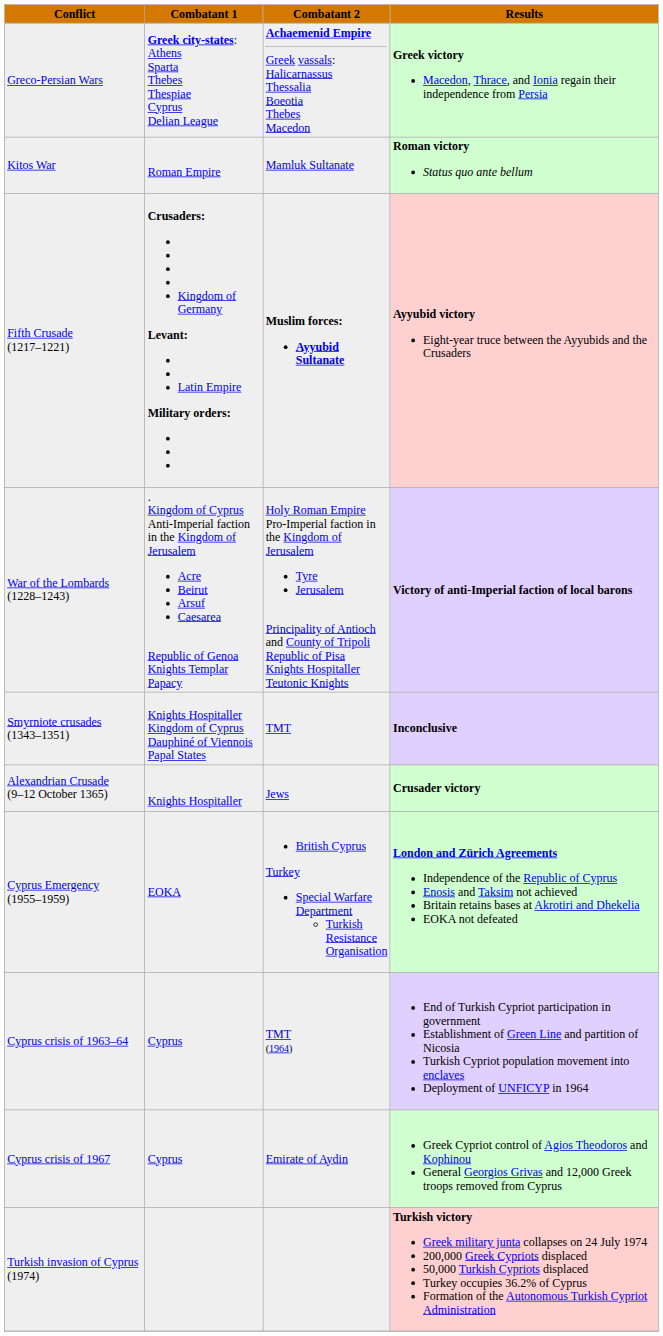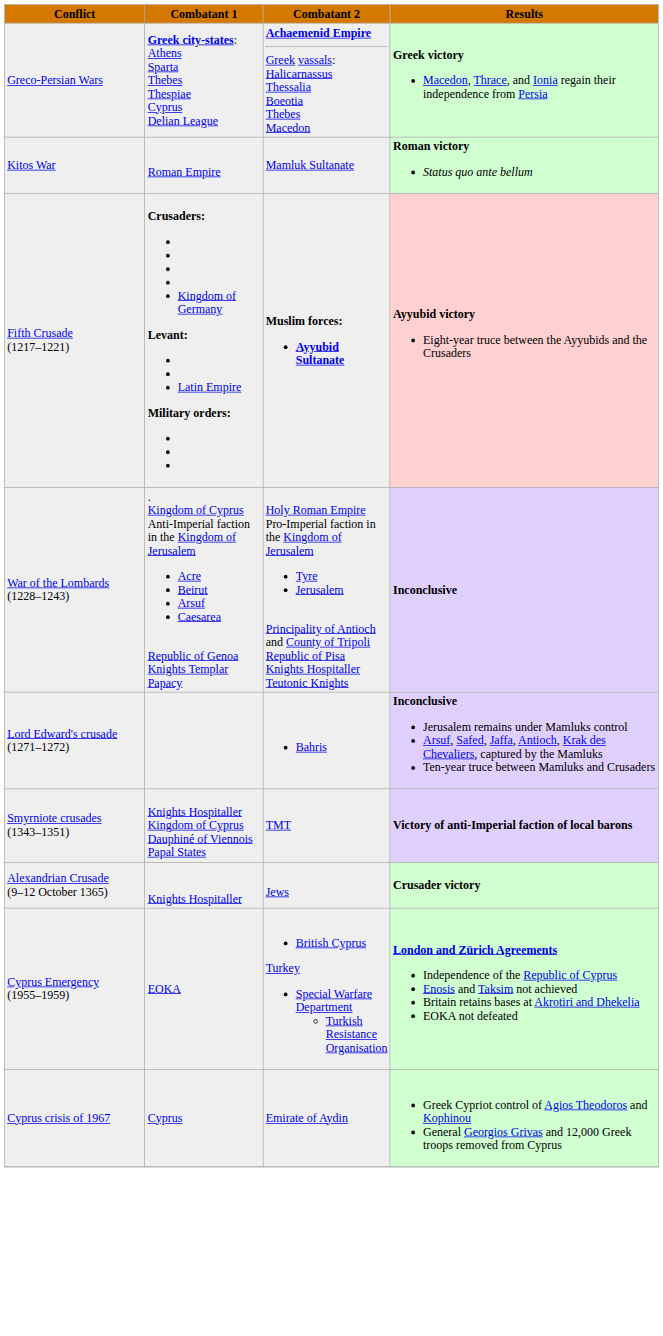 <table class="wikitable plainrowheaders">
 <tr>
 <th style="background:#d57800" rowspan="1" width=180><span>Conflict</span></th>
 <th style="background:#d57800" rowspan="1" width=150><span>Combatant 1</span></th>
 <th style="background:#d57800" rowspan="1" width=150><span>Combatant 2</span></th>
 <th style="background:#d57800" rowspan="1" width=350><span>Results</span></th>
 </tr>
 <tr>
 <td style="background:#efefef"><a href='#'>Greco-Persian Wars</a></td>
 <td style="background:#efefef"><strong><a href='#'>Greek city-states</a></strong>:<br> <a href='#'>Athens</a><br> <a href='#'>Sparta</a><br> <a href='#'>Thebes</a><br> <a href='#'>Thespiae</a><br> <a href='#'>Cyprus</a><br> <a href='#'>Delian League</a></td>
 <td style="background:#efefef"><strong><a href='#'>Achaemenid Empire</a></strong><hr><a href='#'>Greek</a> <a href='#'>vassals</a>:<br> <a href='#'>Halicarnassus</a><br> <a href='#'>Thessalia</a><br> <a href='#'>Boeotia</a><br> <a href='#'>Thebes</a><br> <a href='#'>Macedon</a></td>
 <td style="background:#D0FFD0"><strong>Greek victory</strong> <br><ul><li><a href='#'>Macedon</a>, <a href='#'>Thrace</a>, and <a href='#'>Ionia</a> regain their independence from <a href='#'>Persia</a></li></ul></td>
 </tr>
 <tr>
 <td style="background:#efefef"><a href='#'>Kitos War</a></td>
 <td style="background:#efefef"><br><a href='#'>Roman Empire</a></td>
 <td style="background:#efefef"> <a href='#'>Mamluk Sultanate</a></td>
 <td style="background:#D0FFD0"><strong>Roman victory</strong><br><ul><li><em>Status quo ante bellum</em></li></ul></td>
 </tr>
 <tr>
 <td style="background:#efefef"><a href='#'>Fifth Crusade</a><br>(1217–1221)</td>
 <td style="background:#efefef"><br><strong>Crusaders:</strong><ul><li><strong></strong></li><li></li><li></li><li></li><li> <a href='#'>Kingdom of Germany</a></li></ul><strong>Levant:</strong><ul><li></li><li></li><li> <a href='#'>Latin Empire</a></li></ul><strong>Military orders:</strong><ul><li></li><li></li><li></li></ul></td>
 <td style="background:#efefef"><br><strong>Muslim forces:</strong><ul><li> <strong><a href='#'>Ayyubid Sultanate</a></strong></li></ul></td>
 <td style="background:#FFD0D0"><strong>Ayyubid victory</strong><br><ul><li>Eight-year truce between the Ayyubids and the Crusaders</li></ul></td>
 </tr>
 <tr>
 <td style="background:#efefef"><a href='#'>War of the Lombards</a><br>(1228–1243)</td>
 <td style="background:#efefef">.<br><a href='#'>Kingdom of Cyprus</a><br>Anti-Imperial faction in the <a href='#'>Kingdom of Jerusalem</a><ul><li><a href='#'>Acre</a></li><li><a href='#'>Beirut</a></li><li><a href='#'>Arsuf</a></li><li><a href='#'>Caesarea</a></li></ul><br><a href='#'>Republic of Genoa</a><br><a href='#'>Knights Templar</a><br><a href='#'>Papacy</a></td>
 <td style="background:#efefef"><br><a href='#'>Holy Roman Empire</a><br>Pro-Imperial faction in the <a href='#'>Kingdom of Jerusalem</a><ul><li><a href='#'>Tyre</a></li><li><a href='#'>Jerusalem</a></li></ul><br><a href='#'>Principality of Antioch</a> and <a href='#'>County of Tripoli</a><br><a href='#'>Republic of Pisa</a><br><a href='#'>Knights Hospitaller</a><br><a href='#'>Teutonic Knights</a></td>
-<td style="background:#E0D0FF"><strong>Victory of anti-Imperial faction of local barons</strong></td>
+<td style="background:#E0D0FF"><strong>Inconclusive</strong></td>
+</tr>
+<tr>
+<td style="background:#efefef"><a href='#'>Lord Edward's crusade</a><br>(1271–1272)</td>
+<td style="background:#efefef"><br>  </td>
+<td style="background:#efefef"><br><ul><li> <a href='#'>Bahris</a></li></ul></td>
+<td style="background:#E0D0FF"><strong>Inconclusive</strong><br><ul><li>Jerusalem remains under Mamluks control</li><li><a href='#'>Arsuf</a>, <a href='#'>Safed</a>, <a href='#'>Jaffa</a>, <a href='#'>Antioch</a>, <a href='#'>Krak des Chevaliers</a>, captured by the Mamluks</li><li>Ten-year truce between Mamluks and Crusaders</li></ul></td>
 </tr>
 <tr>
 <td style="background:#efefef"><a href='#'>Smyrniote crusades</a><br>(1343–1351)</td>
 <td style="background:#efefef"><br> <a href='#'>Knights Hospitaller</a><br> <a href='#'>Kingdom of Cyprus</a><br> <a href='#'>Dauphiné of Viennois</a><br> <a href='#'>Papal States</a></td>
 <td style="background:#efefef"> <a href='#'>TMT</a><br></td>
-<td style="background:#E0D0FF"><strong>Inconclusive</strong></td>
+<td style="background:#E0D0FF"><strong>Victory of anti-Imperial faction of local barons</strong></td>
 </tr>
 <tr>
 <td style="background:#efefef"><a href='#'>Alexandrian Crusade</a><br>(9–12 October 1365)</td>
 <td style="background:#efefef"><br><br> <a href='#'>Knights Hospitaller</a></td>
 <td style="background:#efefef"><br><a href='#'>Jews</a></td>
 <td style="background:#D0FFD0"><strong>Crusader victory</strong></td>
 </tr>
 <tr>
 <td style="background:#efefef"><a href='#'>Cyprus Emergency</a><br>(1955–1959)</td>
 <td style="background:#efefef"> <a href='#'>EOKA</a></td>
 <td style="background:#efefef"><br><ul><li> <a href='#'>British Cyprus</a></li></ul> <a href='#'>Turkey</a><ul><li><a href='#'>Special Warfare Department</a><ul><li><a href='#'>Turkish Resistance Organisation</a></li></ul></li></ul></td>
 <td style="background:#D0FFD0"><strong><a href='#'>London and Zürich Agreements</a></strong><br><ul><li>Independence of the <a href='#'>Republic of Cyprus</a></li><li><a href='#'>Enosis</a> and <a href='#'>Taksim</a> not achieved</li><li>Britain retains bases at <a href='#'>Akrotiri and Dhekelia</a></li><li>EOKA not defeated</li></ul></td>
 </tr>
 <tr>
-<td style="background:#efefef"><a href='#'>Cyprus crisis of 1963–64</a></td>
-<td style="background:#efefef"> <a href='#'>Cyprus</a></td>
-<td style="background:#efefef"> <a href='#'>TMT</a><br> <small>(<a href='#'>1964</a>)</small></td>
-<td style="background:#E0D0FF"><br><ul><li>End of Turkish Cypriot participation in government</li><li>Establishment of <a href='#'>Green Line</a> and partition of Nicosia</li><li>Turkish Cypriot population movement into <a href='#'>enclaves</a></li><li>Deployment of <a href='#'>UNFICYP</a> in 1964</li></ul></td>
-</tr>
-<tr>
 <td style="background:#efefef"><a href='#'>Cyprus crisis of 1967</a></td>
 <td style="background:#efefef"> <a href='#'>Cyprus</a><br></td>
 <td style="background:#efefef"><a href='#'>Emirate of Aydin</a></td>
 <td style="background:#D0FFD0"><br><ul><li>Greek Cypriot control of <a href='#'>Agios Theodoros</a> and <a href='#'>Kophinou</a></li><li>General <a href='#'>Georgios Grivas</a> and 12,000 Greek troops removed from Cyprus</li></ul></td>
 </tr>
 <tr>
-<td style="background:#efefef"><a href='#'>Turkish invasion of Cyprus</a><br>(1974)</td>
-<td style="background:#efefef"></td>
-<td style="background:#efefef"></td>
-<td style="background:#FFD0D0"><strong>Turkish victory</strong><br><ul><li><a href='#'>Greek military junta</a> collapses on 24 July 1974</li><li>200,000 <a href='#'>Greek Cypriots</a> displaced</li><li>50,000 <a href='#'>Turkish Cypriots</a> displaced</li><li>Turkey occupies 36.2% of Cyprus</li><li>Formation of the <a href='#'>Autonomous Turkish Cypriot Administration</a></li></ul></td>
-</tr>
-<tr>
 </tr>
 </table>
